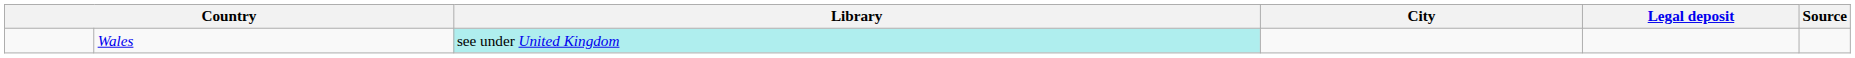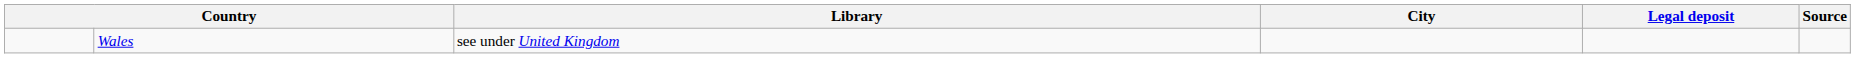 <table class="wikitable" style="width:98%">
 <tr>
 <th colspan=2 style="width:25%">Country</th>
 <th style="width:45%">Library</th>
 <th style="width:18%">City</th>
 <th style="width:12%"><a href='#'>Legal deposit</a></th>
 <th style="width:12%">Source</th>
 </tr>
 <tr>
 <td style="width:5%"></td>
 <td><em><a href='#'>Wales</a></em></td>
-<td style="background: paleturquoise;"> see under <em><a href='#'>United Kingdom</a></em></td>
+<td> see under <em><a href='#'>United Kingdom</a></em></td>
 <td></td>
 <td></td>
 <td></td>
 </tr>
 </table>
